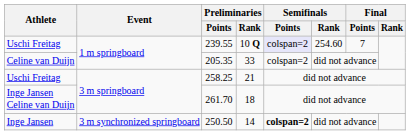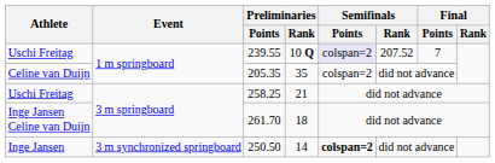 <table class=wikitable style="font-size:90%;">
 <tr>
 <th rowspan="2">Athlete</th>
 <th rowspan="2">Event</th>
 <th colspan="2">Preliminaries</th>
 <th colspan="2">Semifinals</th>
 <th colspan="2">Final</th>
 </tr>
 <tr style="font-size:95%">
 <th>Points</th>
 <th>Rank</th>
 <th>Points</th>
 <th>Rank</th>
 <th>Points</th>
 <th>Rank</th>
 </tr>
 <tr align=center>
 <td align=left><a href='#'>Uschi Freitag</a></td>
 <td align=left rowspan=2><a href='#'>1 m springboard</a></td>
 <td>239.55</td>
 <td>10 <strong>Q</strong></td>
 <td style="background: lavender;">colspan=2 </td>
-<td>254.60</td>
+<td>207.52</td>
 <td>7</td>
 </tr>
 <tr align=center>
 <td align=left><a href='#'>Celine van Duijn</a></td>
 <td>205.35</td>
-<td>33</td>
+<td>35</td>
 <td>colspan=2 </td>
 <td colspan=2>did not advance</td>
 </tr>
 <tr align=center>
 <td align=left><a href='#'>Uschi Freitag</a></td>
 <td align=left rowspan=2><a href='#'>3 m springboard</a></td>
 <td>258.25</td>
 <td>21</td>
 <td colspan=4>did not advance</td>
 </tr>
 <tr align=center>
 <td align=left><a href='#'>Inge Jansen</a><br><a href='#'>Celine van Duijn</a></td>
 <td>261.70</td>
 <td>18</td>
 <td colspan=4>did not advance</td>
 </tr>
 <tr align=center>
 <td align=left><a href='#'>Inge Jansen</a></td>
 <td align=left><a href='#'>3 m synchronized springboard</a></td>
 <td>250.50</td>
 <td>14</td>
 <td><strong>colspan=2 </strong></td>
 <td colspan=2>did not advance</td>
 </tr>
 </table>
